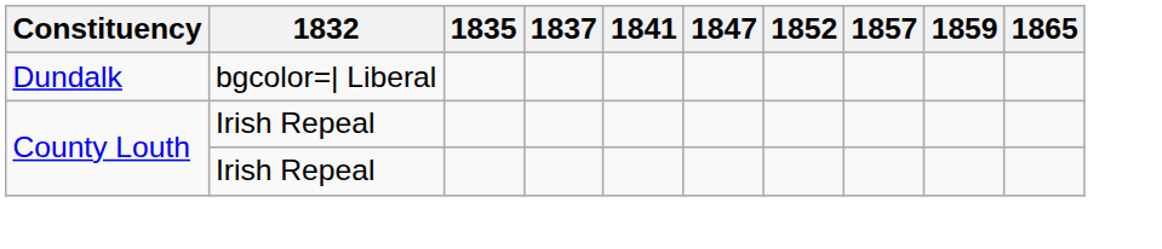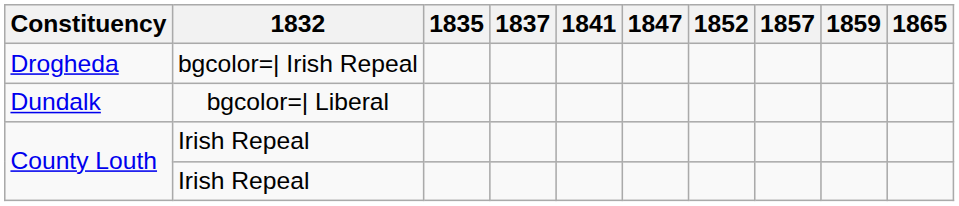 <table class=wikitable sortable>
 <tr>
 <th>Constituency</th>
 <th>1832</th>
 <th>1835</th>
 <th>1837</th>
 <th>1841</th>
 <th>1847</th>
 <th>1852</th>
 <th>1857</th>
 <th>1859</th>
 <th>1865</th>
+</tr>
+<tr>
+<td><a href='#'>Drogheda</a></td>
+<td align=center>bgcolor=| Irish Repeal</td>
+<td></td>
+<td></td>
+<td></td>
+<td></td>
+<td></td>
+<td></td>
+<td></td>
+<td></td>
 </tr>
 <tr>
 <td><a href='#'>Dundalk</a></td>
 <td align=center>bgcolor=| Liberal</td>
 <td></td>
 <td></td>
 <td></td>
 <td></td>
 <td></td>
 <td></td>
 <td></td>
 <td></td>
 </tr>
 <tr>
 <td rowspan=2><a href='#'>County Louth</a></td>
 <td bgcolor=>Irish Repeal</td>
 <td></td>
 <td></td>
 <td></td>
 <td></td>
 <td></td>
 <td></td>
 <td></td>
 <td></td>
 </tr>
 <tr>
 <td bgcolor=>Irish Repeal</td>
 <td></td>
 <td></td>
 <td></td>
 <td></td>
 <td></td>
 <td></td>
 <td></td>
 <td></td>
 </tr>
 </table>
